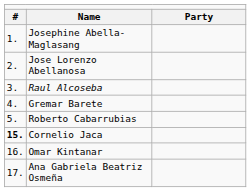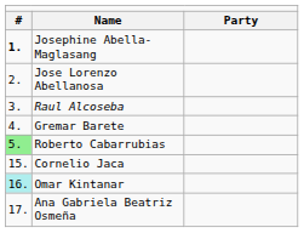 <table class=wikitable style="font-size:90%">
 <tr>
 <td colspan=4 bgcolor=></td>
 </tr>
 <tr>
 <th>#</th>
 <th width=150px>Name</th>
 <th colspan=2 width=110px>Party</th>
 </tr>
 <tr>
-<td>1.</td>
+<td><strong>1.</strong></td>
 <td>Josephine Abella-Maglasang</td>
 <td></td>
 </tr>
 <tr>
 <td>2.</td>
 <td>Jose Lorenzo Abellanosa</td>
 <td></td>
 </tr>
 <tr>
 <td>3.</td>
 <td><em>Raul Alcoseba</em></td>
 <td></td>
 </tr>
 <tr>
 <td>4.</td>
 <td>Gremar Barete</td>
 <td></td>
 </tr>
 <tr>
-<td>5.</td>
+<td style="background: lightgreen;">5.</td>
 <td>Roberto Cabarrubias</td>
 <td></td>
 </tr>
 <tr>
-<td><strong>15.</strong></td>
+<td>15.</td>
 <td>Cornelio Jaca</td>
 <td></td>
 </tr>
 <tr>
-<td>16.</td>
+<td style="background: paleturquoise;">16.</td>
 <td>Omar Kintanar</td>
 <td></td>
 </tr>
 <tr>
 <td>17.</td>
 <td>Ana Gabriela Beatriz Osmeña</td>
 <td></td>
 </tr>
 </table>
